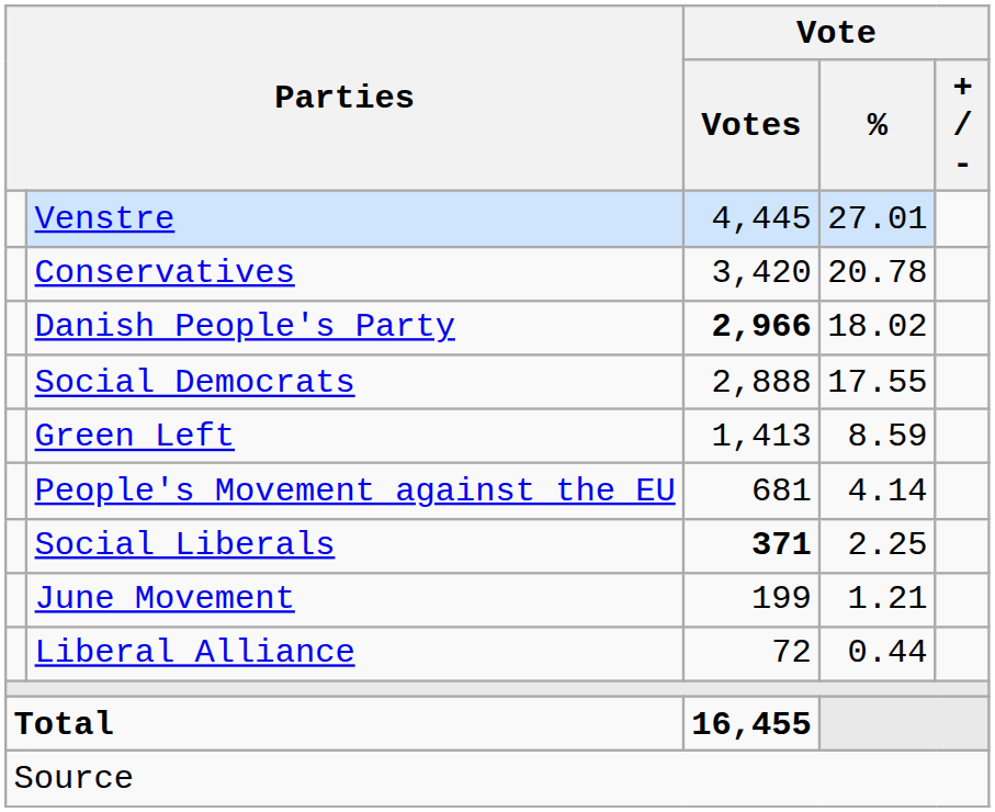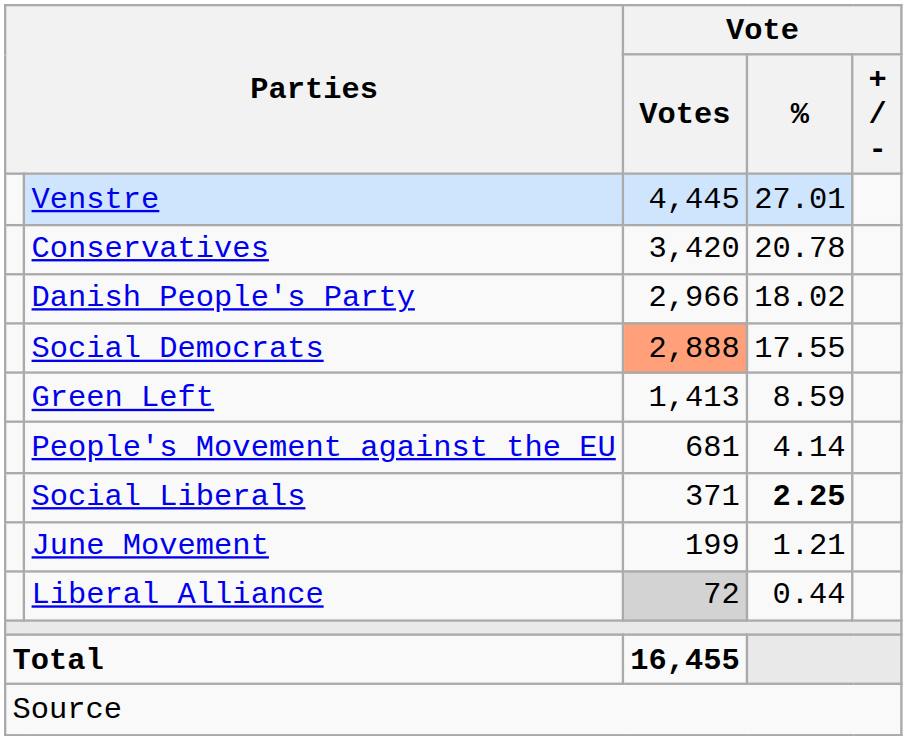 <table class="wikitable" style="text-align:right;">
 <tr>
 <th style="text-align:centre;" rowspan="2" colspan="2" width="225">Parties</th>
 <th colspan="3">Vote</th>
 </tr>
 <tr>
 <th width="15">Votes</th>
 <th width="15">%</th>
 <th width="15">+ / -</th>
 </tr>
 <tr>
 <td width="2" style="color:inherit;background:"></td>
 <td bgcolor=#cfe5fe   align="left"><a href='#'>Venstre</a></td>
 <td bgcolor=#cfe5fe>4,445</td>
 <td bgcolor=#cfe5fe>27.01</td>
 <td></td>
 </tr>
 <tr>
 <td width="2" style="color:inherit;background:"></td>
 <td align="left"><a href='#'>Conservatives</a></td>
 <td>3,420</td>
 <td>20.78</td>
 <td></td>
 </tr>
 <tr>
 <td width="2" style="color:inherit;background:"></td>
 <td align="left"><a href='#'>Danish People's Party</a></td>
-<td><strong>2,966</strong></td>
+<td>2,966</td>
 <td>18.02</td>
 <td></td>
 </tr>
 <tr>
 <td width="2" style="color:inherit;background:"></td>
 <td align="left"><a href='#'>Social Democrats</a></td>
-<td>2,888</td>
+<td style="background: lightsalmon;">2,888</td>
 <td>17.55</td>
 <td></td>
 </tr>
 <tr>
 <td width="2" style="color:inherit;background:"></td>
 <td align="left"><a href='#'>Green Left</a></td>
 <td>1,413</td>
 <td>8.59</td>
 <td></td>
 </tr>
 <tr>
 <td width="2" style="color:inherit;background:"></td>
 <td align="left"><a href='#'>People's Movement against the EU</a></td>
 <td>681</td>
 <td>4.14</td>
 <td></td>
 </tr>
 <tr>
 <td width="2" style="color:inherit;background:"></td>
 <td align="left"><a href='#'>Social Liberals</a></td>
-<td><strong>371</strong></td>
-<td>2.25</td>
+<td>371</td>
+<td><strong>2.25</strong></td>
 <td></td>
 </tr>
 <tr>
 <td width="2" style="color:inherit;background:"></td>
 <td align="left"><a href='#'>June Movement</a></td>
 <td>199</td>
 <td>1.21</td>
 <td></td>
 </tr>
 <tr>
 <td width="2" style="color:inherit;background:"></td>
 <td align="left"><a href='#'>Liberal Alliance</a></td>
-<td>72</td>
+<td style="background: lightgrey;">72</td>
 <td>0.44</td>
 <td></td>
 </tr>
 <tr>
 <td colspan="7" bgcolor="#E9E9E9"></td>
 </tr>
 <tr>
 <td align="left" colspan="2"><strong>Total</strong></td>
 <td><strong>16,455</strong></td>
 <td bgcolor="#E9E9E9" colspan="2"></td>
 </tr>
 <tr>
 <td align="left" colspan="6">Source</td>
 </tr>
 </table>
